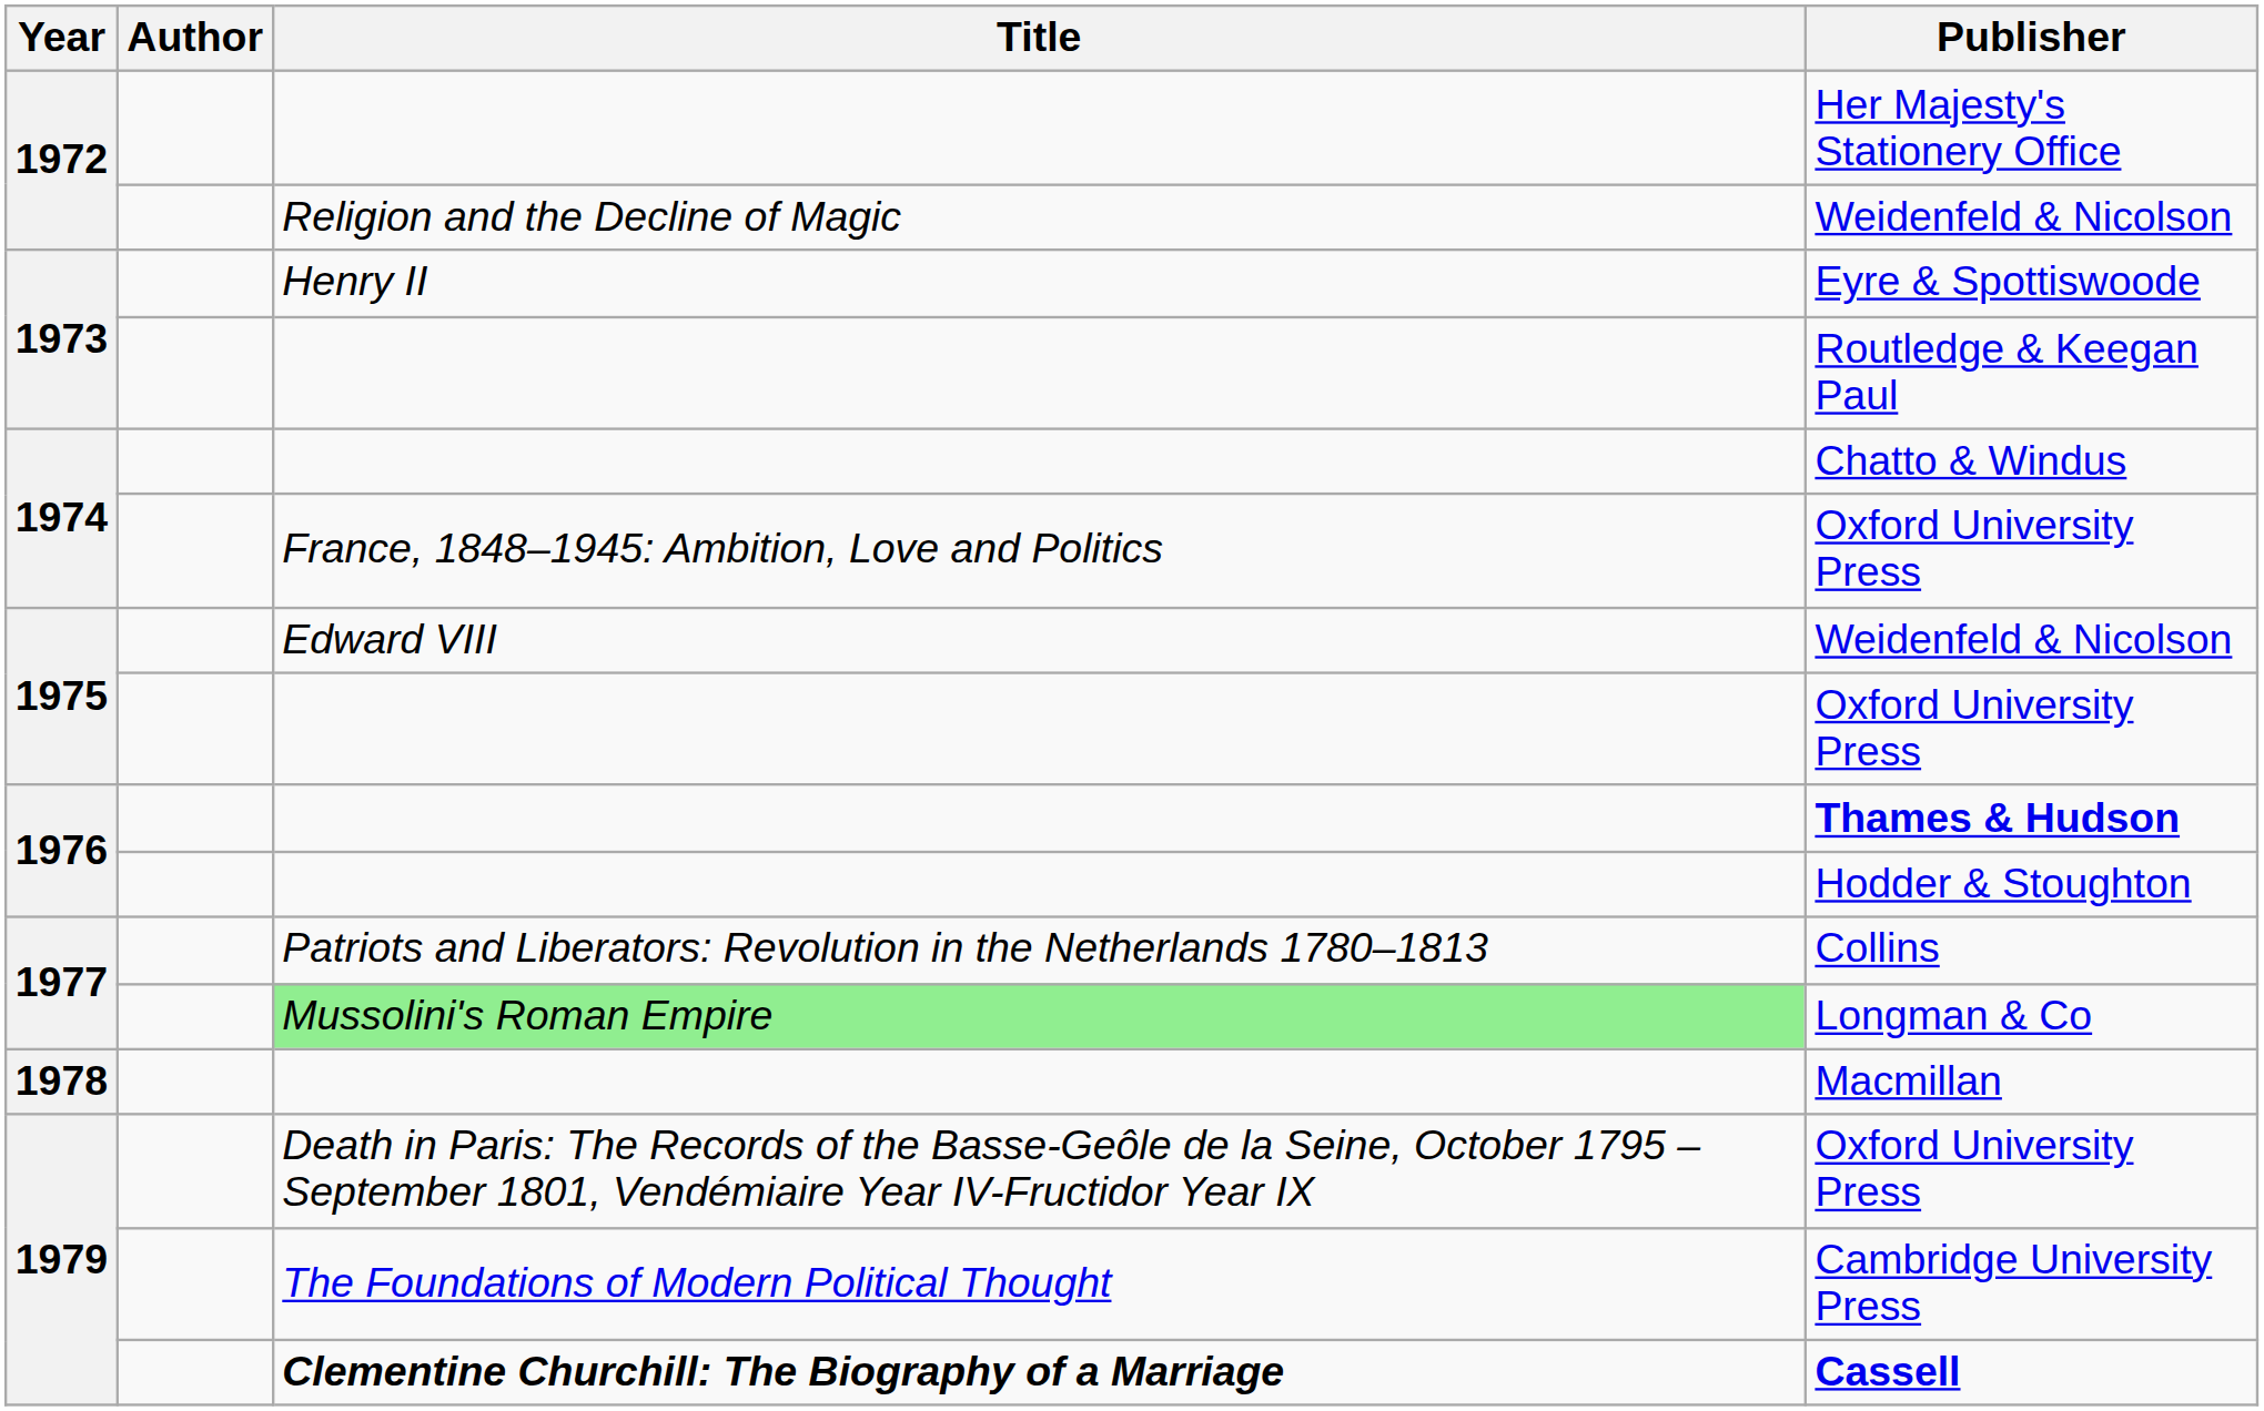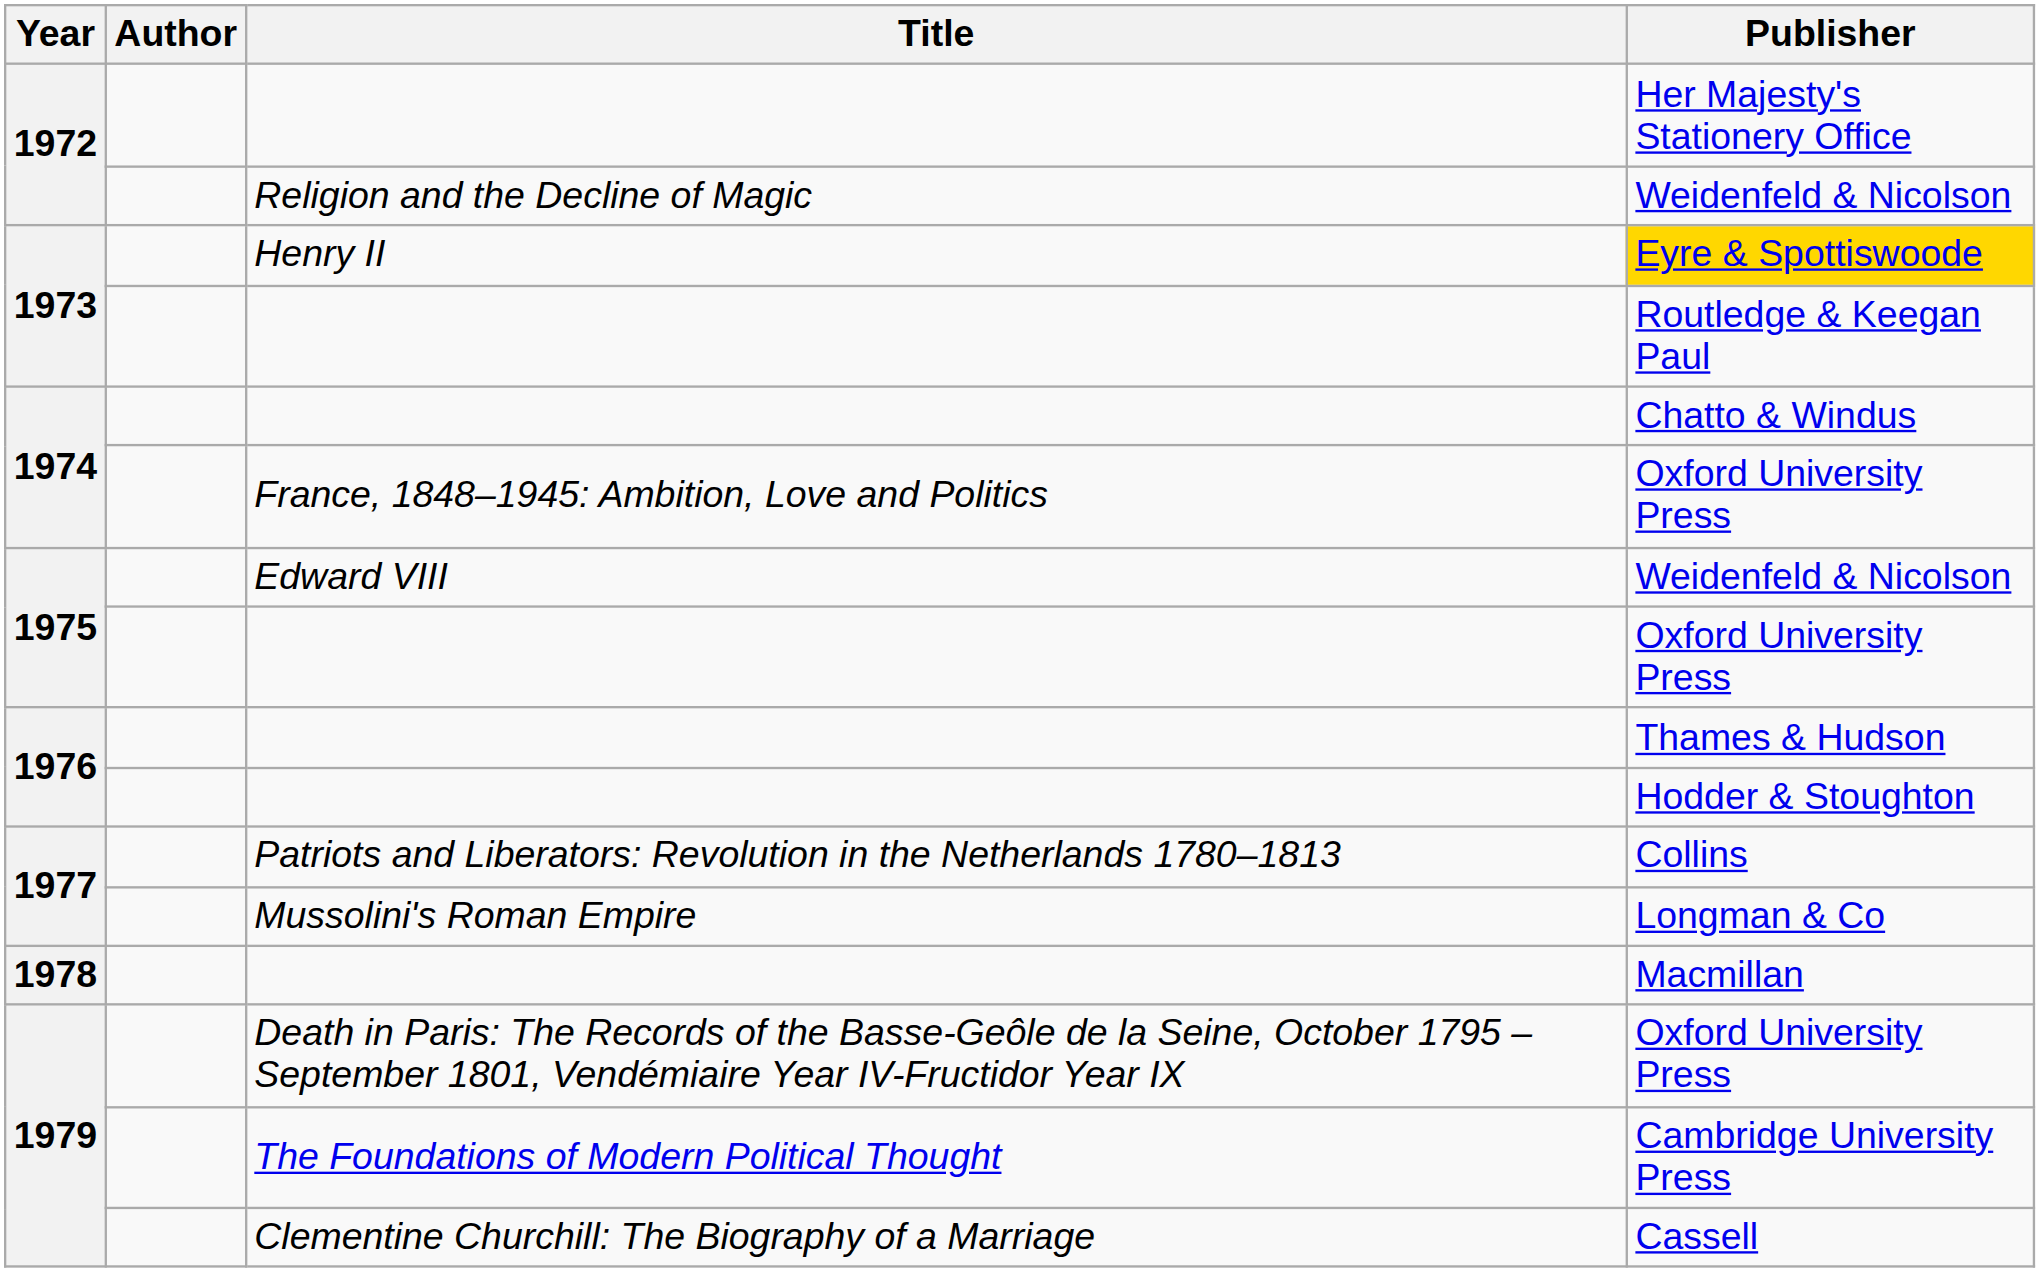 <table class="wikitable sortable mw-collapsible">
 <tr>
 <th>Year</th>
 <th>Author</th>
 <th>Title</th>
 <th>Publisher</th>
 </tr>
 <tr>
 <th rowspan="2">1972</th>
 <td></td>
 <td><em></em></td>
 <td><a href='#'>Her Majesty's Stationery Office</a></td>
 </tr>
 <tr>
 <td></td>
 <td><em>Religion and the Decline of Magic</em></td>
 <td><a href='#'>Weidenfeld & Nicolson</a></td>
 </tr>
 <tr>
 <th rowspan="2">1973</th>
 <td></td>
 <td><em>Henry II</em></td>
-<td><a href='#'>Eyre & Spottiswoode</a></td>
+<td style="background: gold;"><a href='#'>Eyre & Spottiswoode</a></td>
 </tr>
 <tr>
 <td></td>
 <td><em></em></td>
 <td><a href='#'>Routledge & Keegan Paul</a></td>
 </tr>
 <tr>
 <th rowspan="2">1974</th>
 <td></td>
 <td><em></em></td>
 <td><a href='#'>Chatto & Windus</a></td>
 </tr>
 <tr>
 <td></td>
 <td><em>France, 1848–1945: Ambition, Love and Politics</em></td>
 <td><a href='#'>Oxford University Press</a></td>
 </tr>
 <tr>
 <th rowspan="2">1975</th>
 <td></td>
 <td><em>Edward VIII</em></td>
 <td><a href='#'>Weidenfeld & Nicolson</a></td>
 </tr>
 <tr>
 <td></td>
 <td><em></em></td>
 <td><a href='#'>Oxford University Press</a></td>
 </tr>
 <tr>
 <th rowspan="2">1976</th>
 <td></td>
 <td><em></em></td>
-<td><strong><a href='#'>Thames & Hudson</a></strong></td>
+<td><a href='#'>Thames & Hudson</a></td>
 </tr>
 <tr>
 <td></td>
 <td><em></em></td>
 <td><a href='#'>Hodder & Stoughton</a></td>
 </tr>
 <tr>
 <th rowspan="2">1977</th>
 <td></td>
 <td><em>Patriots and Liberators: Revolution in the Netherlands 1780–1813</em></td>
 <td><a href='#'>Collins</a></td>
 </tr>
 <tr>
 <td></td>
-<td style="background: lightgreen;"><em>Mussolini's Roman Empire</em></td>
+<td><em>Mussolini's Roman Empire</em></td>
 <td><a href='#'>Longman & Co</a></td>
 </tr>
 <tr>
 <th>1978</th>
 <td></td>
 <td><em></em></td>
 <td><a href='#'>Macmillan</a></td>
 </tr>
 <tr>
 <th rowspan="3">1979</th>
 <td></td>
 <td><em>Death in Paris: The Records of the Basse-Geôle de la Seine, October 1795 – September 1801, Vendémiaire Year IV-Fructidor Year IX</em></td>
 <td><a href='#'>Oxford University Press</a></td>
 </tr>
 <tr>
 <td></td>
 <td><em><a href='#'>The Foundations of Modern Political Thought</a></em></td>
 <td><a href='#'>Cambridge University Press</a></td>
 </tr>
 <tr>
 <td></td>
-<td><strong><em>Clementine Churchill: The Biography of a Marriage</em></strong></td>
-<td><strong><a href='#'>Cassell</a></strong></td>
+<td><em>Clementine Churchill: The Biography of a Marriage</em></td>
+<td><a href='#'>Cassell</a></td>
 </tr>
 </table>
